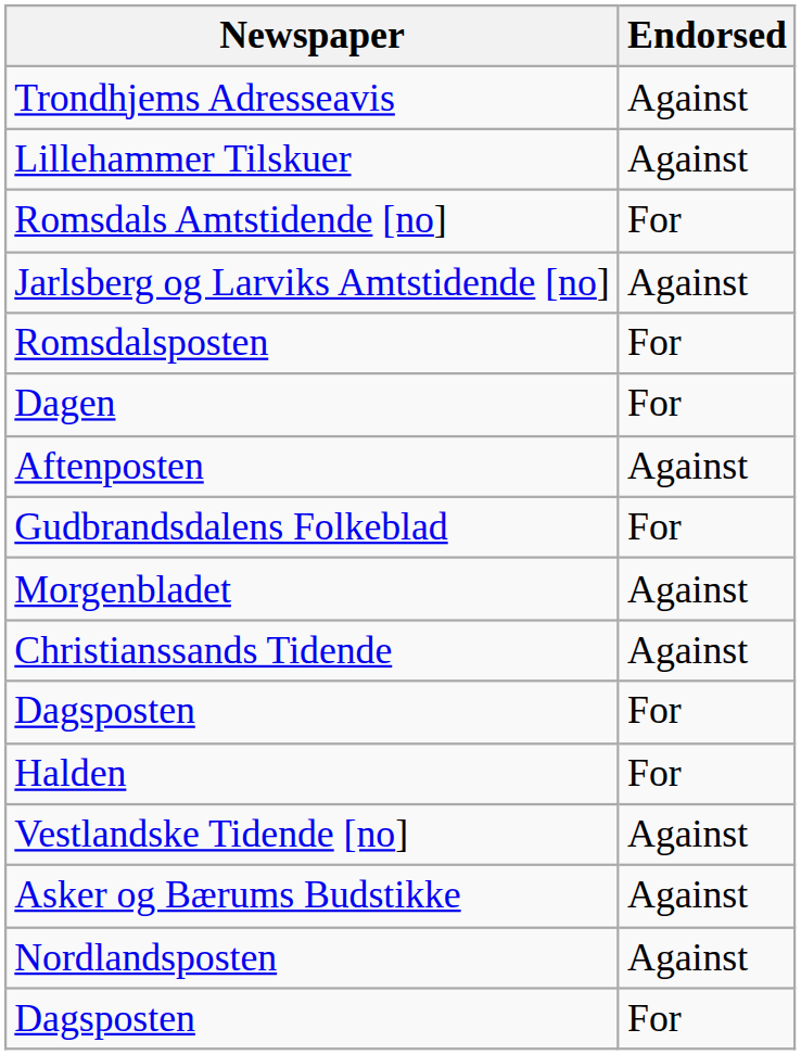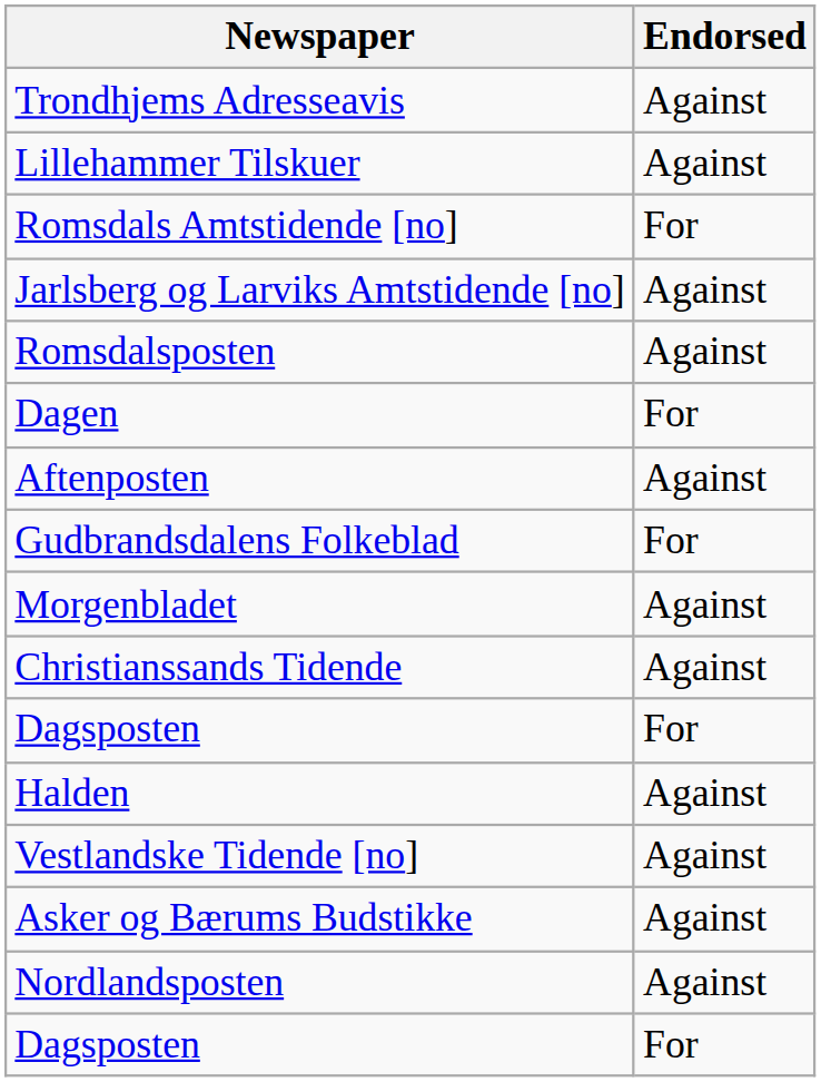 <table class="wikitable">
 <tr>
 <th>Newspaper</th>
 <th>Endorsed</th>
 </tr>
 <tr>
 <td><a href='#'>Trondhjems Adresseavis</a></td>
 <td>Against</td>
 </tr>
 <tr>
 <td><a href='#'>Lillehammer Tilskuer</a></td>
 <td>Against</td>
 </tr>
 <tr>
 <td><a href='#'>Romsdals Amtstidende</a> <a href='#'>[no</a>]</td>
 <td>For</td>
 </tr>
 <tr>
 <td><a href='#'>Jarlsberg og Larviks Amtstidende</a> <a href='#'>[no</a>]</td>
 <td>Against</td>
 </tr>
 <tr>
 <td><a href='#'>Romsdalsposten</a></td>
-<td>For</td>
+<td>Against</td>
 </tr>
 <tr>
 <td><a href='#'>Dagen</a></td>
 <td>For</td>
 </tr>
 <tr>
 <td><a href='#'>Aftenposten</a></td>
 <td>Against</td>
 </tr>
 <tr>
 <td><a href='#'>Gudbrandsdalens Folkeblad</a></td>
 <td>For</td>
 </tr>
 <tr>
 <td><a href='#'>Morgenbladet</a></td>
 <td>Against</td>
 </tr>
 <tr>
 <td><a href='#'>Christianssands Tidende</a></td>
 <td>Against</td>
 </tr>
 <tr>
 <td><a href='#'>Dagsposten</a></td>
 <td>For</td>
 </tr>
 <tr>
 <td><a href='#'>Halden</a></td>
-<td>For</td>
+<td>Against</td>
 </tr>
 <tr>
 <td><a href='#'>Vestlandske Tidende</a> <a href='#'>[no</a>]</td>
 <td>Against</td>
 </tr>
 <tr>
 <td><a href='#'>Asker og Bærums Budstikke</a></td>
 <td>Against</td>
 </tr>
 <tr>
 <td><a href='#'>Nordlandsposten</a></td>
 <td>Against</td>
 </tr>
 <tr>
 <td><a href='#'>Dagsposten</a></td>
 <td>For</td>
 </tr>
 </table>
